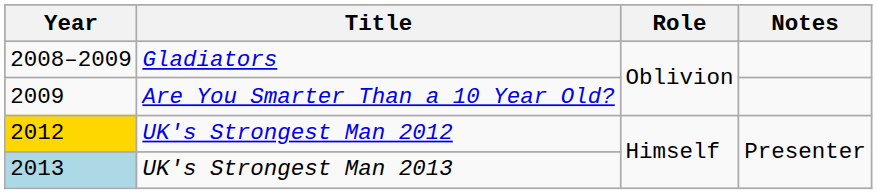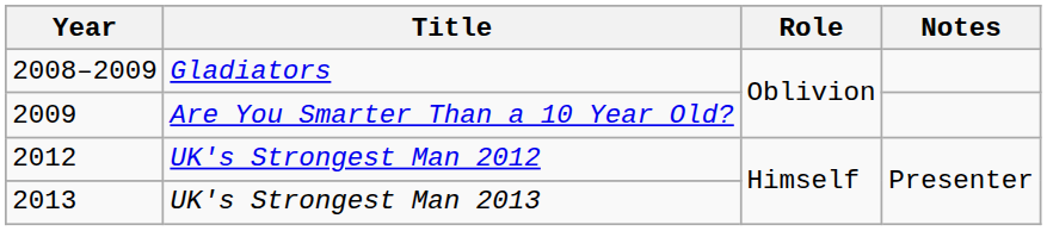 <table class="wikitable sortable">
 <tr>
 <th>Year</th>
 <th>Title</th>
 <th>Role</th>
 <th class="unsortable">Notes</th>
 </tr>
 <tr>
 <td>2008–2009</td>
 <td><em><a href='#'>Gladiators</a></em></td>
 <td rowspan=2>Oblivion</td>
 <td></td>
 </tr>
 <tr>
 <td>2009</td>
 <td><em><a href='#'>Are You Smarter Than a 10 Year Old?</a></em></td>
 <td></td>
 </tr>
 <tr>
-<td style="background: gold;">2012</td>
+<td>2012</td>
 <td><em><a href='#'>UK's Strongest Man 2012</a></em></td>
 <td rowspan=2>Himself</td>
 <td rowspan=2>Presenter</td>
 </tr>
 <tr>
-<td style="background: lightblue;">2013</td>
+<td>2013</td>
 <td><em>UK's Strongest Man 2013</em></td>
 </tr>
 </table>
